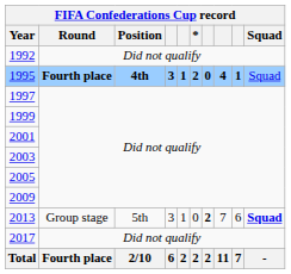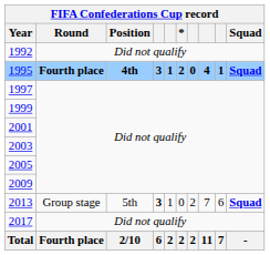 <table class="wikitable" style="text-align: center;">
 <tr>
 <th colspan=10><a href='#'>FIFA Confederations Cup</a> record</th>
 </tr>
 <tr>
 <th>Year</th>
 <th>Round</th>
 <th>Position</th>
 <th></th>
 <th></th>
 <th>*</th>
 <th></th>
 <th></th>
 <th></th>
 <th>Squad</th>
 </tr>
 <tr>
 <td> <a href='#'>1992</a></td>
 <td colspan=9><em>Did not qualify</em></td>
 </tr>
 <tr style="background:#9acdff;">
 <td> <a href='#'>1995</a></td>
 <td><strong>Fourth place</strong></td>
 <td><strong>4th</strong></td>
 <td><strong>3</strong></td>
 <td><strong>1</strong></td>
 <td><strong>2</strong></td>
 <td><strong>0</strong></td>
 <td><strong>4</strong></td>
 <td><strong>1</strong></td>
-<td><a href='#'>Squad</a></td>
+<td><strong><a href='#'>Squad</a></strong></td>
 </tr>
 <tr>
 <td> <a href='#'>1997</a></td>
 <td rowspan=6 colspan=9><em>Did not qualify</em></td>
 </tr>
 <tr>
 <td> <a href='#'>1999</a></td>
 </tr>
 <tr>
 <td>  <a href='#'>2001</a></td>
 </tr>
 <tr>
 <td> <a href='#'>2003</a></td>
 </tr>
 <tr>
 <td> <a href='#'>2005</a></td>
 </tr>
 <tr>
 <td> <a href='#'>2009</a></td>
 </tr>
 <tr>
 <td> <a href='#'>2013</a></td>
 <td>Group stage</td>
 <td>5th</td>
-<td>3</td>
+<td><strong>3</strong></td>
 <td>1</td>
 <td>0</td>
-<td><strong>2</strong></td>
+<td>2</td>
 <td>7</td>
 <td>6</td>
 <td><strong><a href='#'>Squad</a></strong></td>
 </tr>
 <tr>
 <td> <a href='#'>2017</a></td>
 <td colspan=9><em>Did not qualify</em></td>
 </tr>
 <tr>
 <th>Total</th>
 <th>Fourth place</th>
 <th>2/10</th>
 <th>6</th>
 <th>2</th>
 <th>2</th>
 <th>2</th>
 <th>11</th>
 <th>7</th>
 <th>-</th>
 </tr>
 </table>
